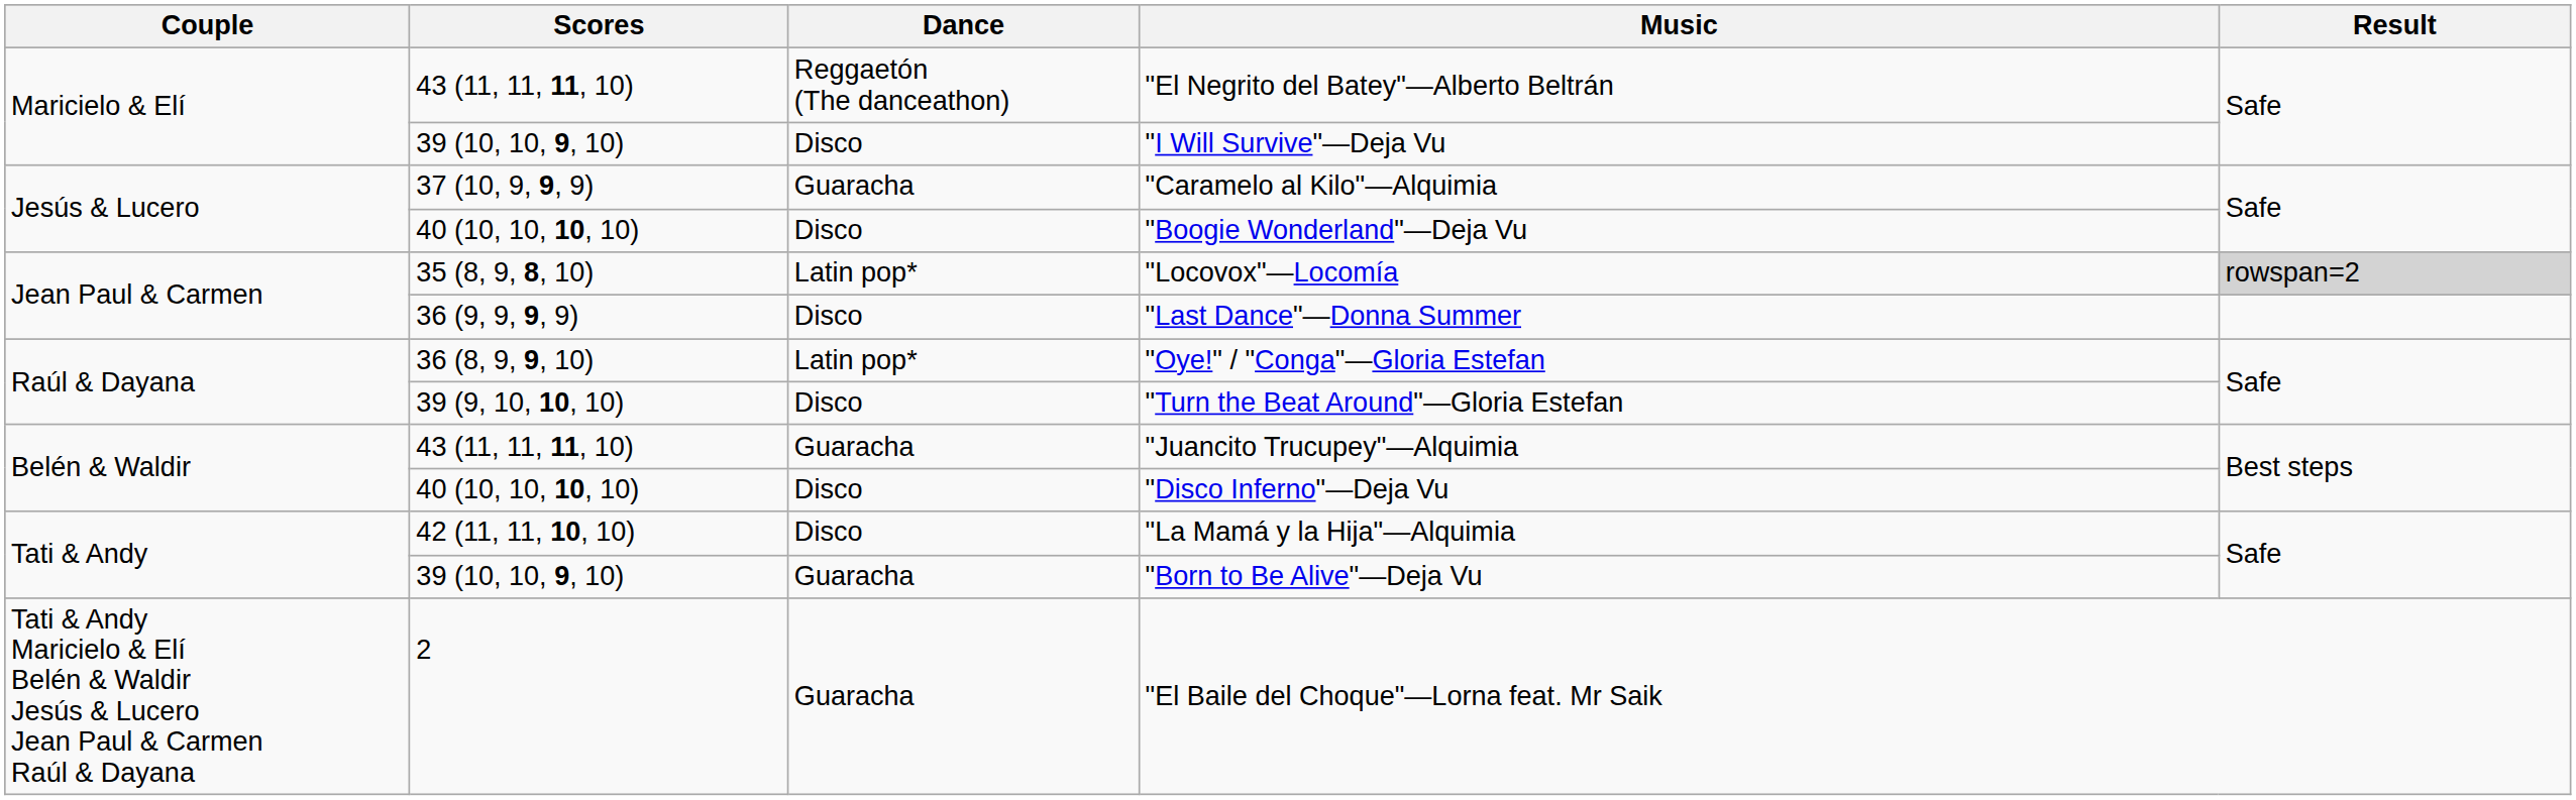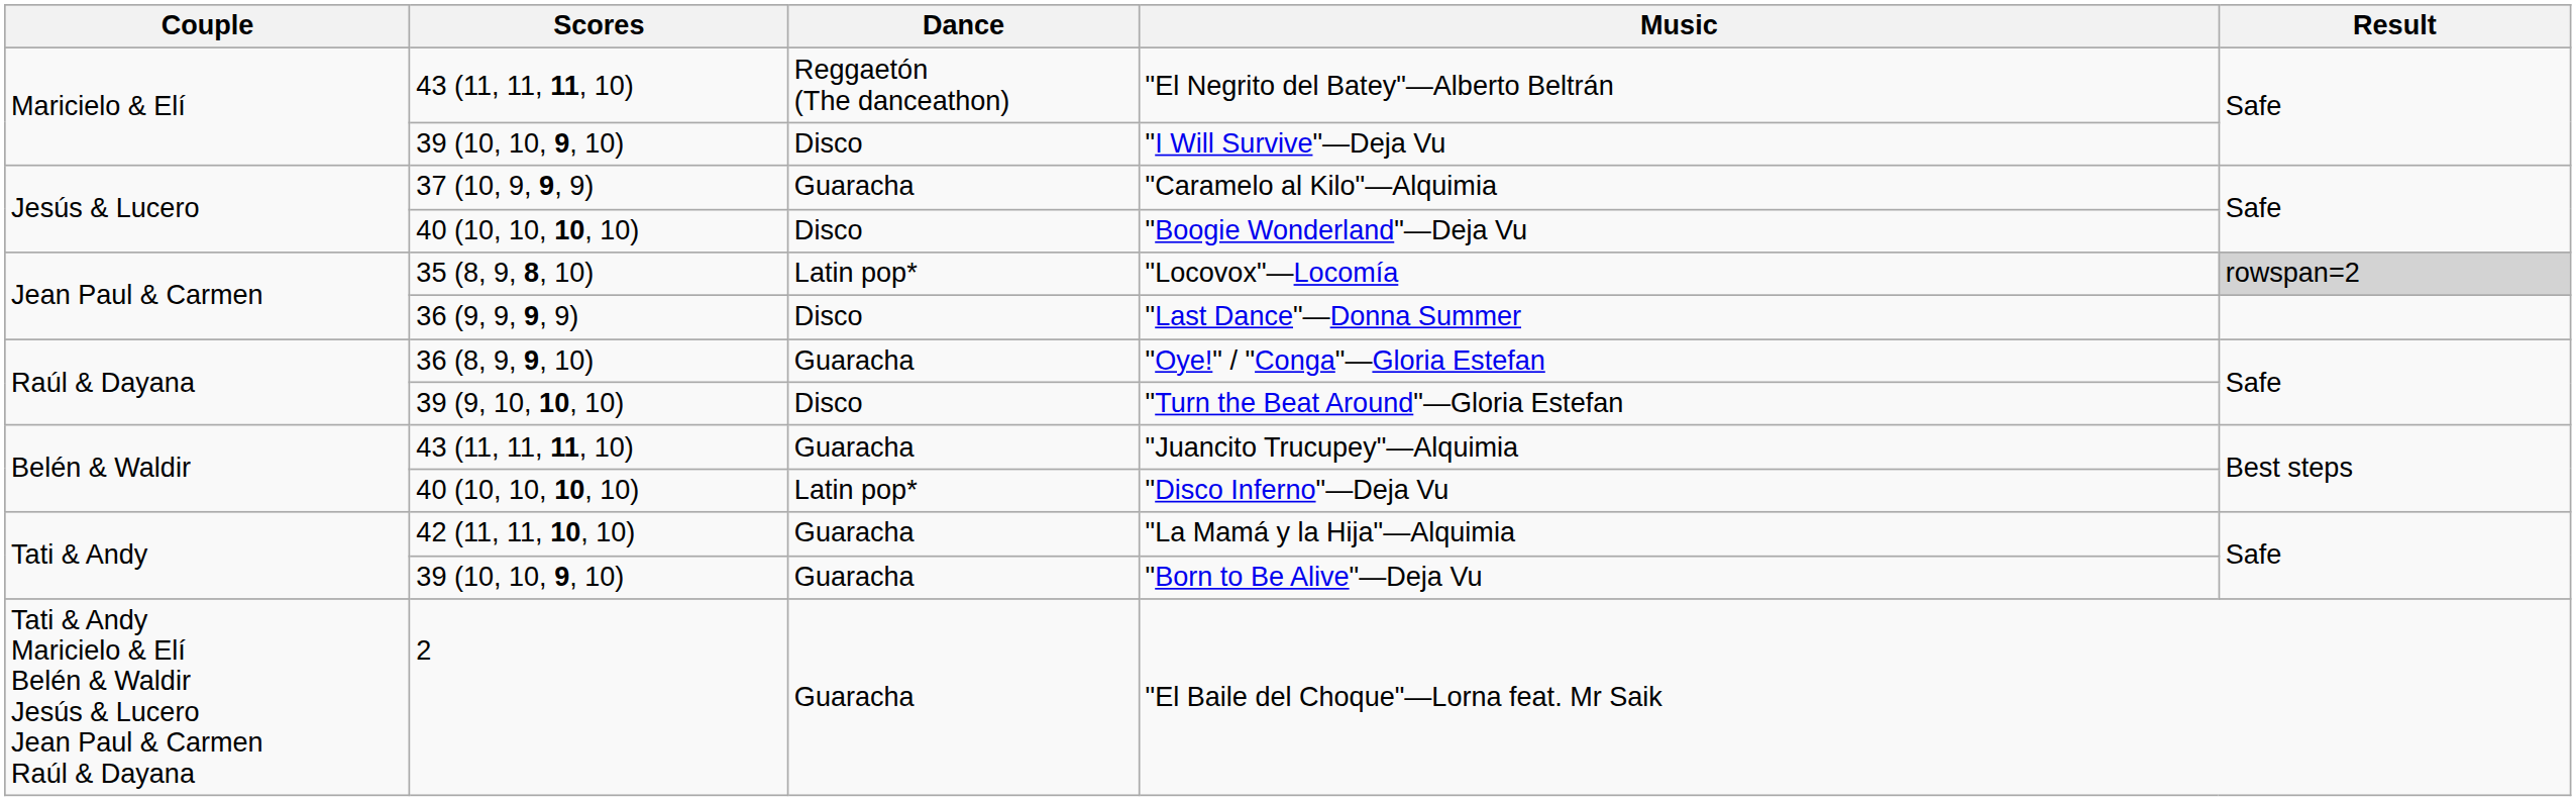 <table class="wikitable sortable" style="width:95%;">
 <tr>
 <th style="width:15%;">Couple</th>
 <th style="width:14%;">Scores</th>
 <th style="width:13%;">Dance</th>
 <th style="width:40%;">Music</th>
 <th style="width:13%;">Result</th>
 </tr>
 <tr>
 <td rowspan=2>Maricielo & Elí</td>
 <td>43 (11, 11, <strong>11</strong>, 10)</td>
 <td>Reggaetón<br>(The danceathon)</td>
 <td>"El Negrito del Batey"—Alberto Beltrán</td>
 <td rowspan=2>Safe</td>
 </tr>
 <tr>
 <td>39 (10, 10, <strong>9</strong>, 10)</td>
 <td>Disco</td>
 <td>"<a href='#'>I Will Survive</a>"—Deja Vu</td>
 </tr>
 <tr>
 <td rowspan=2>Jesús & Lucero</td>
 <td>37 (10, 9, <strong>9</strong>, 9)</td>
 <td>Guaracha</td>
 <td>"Caramelo al Kilo"—Alquimia</td>
 <td rowspan=2>Safe</td>
 </tr>
 <tr>
 <td>40 (10, 10, <strong>10</strong>, 10)</td>
 <td>Disco</td>
 <td>"<a href='#'>Boogie Wonderland</a>"—Deja Vu</td>
 </tr>
 <tr>
 <td rowspan=2>Jean Paul & Carmen</td>
 <td>35 (8, 9, <strong>8</strong>, 10)</td>
 <td>Latin pop*</td>
 <td>"Locovox"—<a href='#'>Locomía</a></td>
 <td style="background: lightgrey;">rowspan=2 </td>
 </tr>
 <tr>
 <td>36 (9, 9, <strong>9</strong>, 9)</td>
 <td>Disco</td>
 <td>"<a href='#'>Last Dance</a>"—<a href='#'>Donna Summer</a></td>
 </tr>
 <tr>
 <td rowspan=2>Raúl & Dayana</td>
 <td>36 (8, 9, <strong>9</strong>, 10)</td>
-<td>Latin pop*</td>
+<td>Guaracha</td>
 <td>"<a href='#'>Oye!</a>" / "<a href='#'>Conga</a>"—<a href='#'>Gloria Estefan</a></td>
 <td rowspan=2>Safe</td>
 </tr>
 <tr>
 <td>39 (9, 10, <strong>10</strong>, 10)</td>
 <td>Disco</td>
 <td>"<a href='#'>Turn the Beat Around</a>"—Gloria Estefan</td>
 </tr>
 <tr>
 <td rowspan=2>Belén & Waldir</td>
 <td>43 (11, 11, <strong>11</strong>, 10)</td>
 <td>Guaracha</td>
 <td>"Juancito Trucupey"—Alquimia</td>
 <td rowspan=2>Best steps</td>
 </tr>
 <tr>
 <td>40 (10, 10, <strong>10</strong>, 10)</td>
-<td>Disco</td>
+<td>Latin pop*</td>
 <td>"<a href='#'>Disco Inferno</a>"—Deja Vu</td>
 </tr>
 <tr>
 <td rowspan=2>Tati & Andy</td>
 <td>42 (11, 11, <strong>10</strong>, 10)</td>
-<td>Disco</td>
+<td>Guaracha</td>
 <td>"La Mamá y la Hija"—Alquimia</td>
 <td rowspan=2>Safe</td>
 </tr>
 <tr>
 <td>39 (10, 10, <strong>9</strong>, 10)</td>
 <td>Guaracha</td>
 <td>"<a href='#'>Born to Be Alive</a>"—Deja Vu</td>
 </tr>
 <tr>
 <td>Tati & Andy<br>Maricielo & Elí<br>Belén & Waldir<br>Jesús & Lucero<br>Jean Paul & Carmen<br>Raúl & Dayana</td>
 <td valign="top"><br>2</td>
 <td>Guaracha</td>
 <td colspan=2>"El Baile del Choque"—Lorna feat. Mr Saik</td>
 </tr>
 </table>
